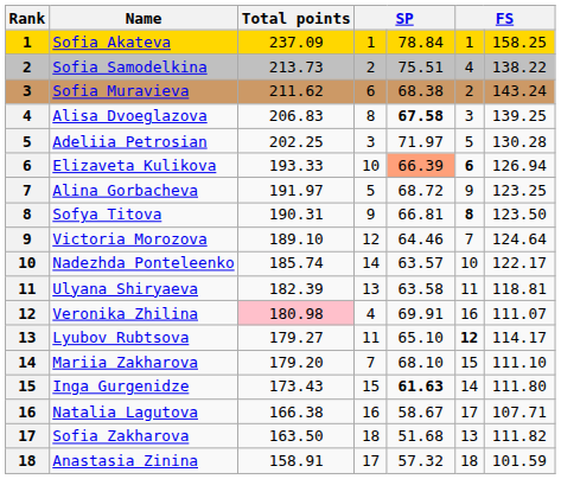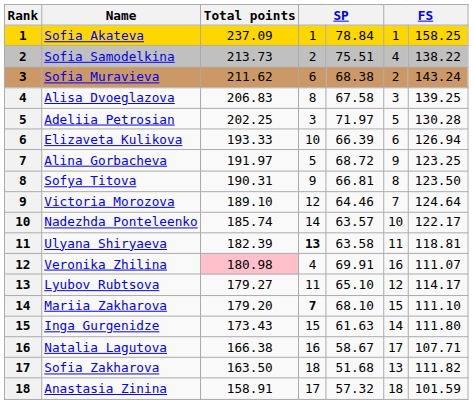 <table class="wikitable sortable">
 <tr>
 <th>Rank</th>
 <th>Name</th>
 <th>Total points</th>
 <th colspan="2" width="80px"><a href='#'>SP</a></th>
 <th colspan="2" width="80px"><a href='#'>FS</a></th>
 </tr>
 <tr bgcolor="gold">
 <td align="center"><strong>1</strong></td>
 <td><a href='#'>Sofia Akateva</a></td>
 <td align="center">237.09</td>
 <td align="center">1</td>
 <td align="center">78.84</td>
 <td align="center">1</td>
 <td align="center">158.25</td>
 </tr>
 <tr bgcolor="silver">
 <td align="center"><strong>2</strong></td>
 <td><a href='#'>Sofia Samodelkina</a></td>
 <td align="center">213.73</td>
 <td align="center">2</td>
 <td align="center">75.51</td>
 <td align="center">4</td>
 <td align="center">138.22</td>
 </tr>
 <tr bgcolor="cc9966">
 <td align="center"><strong>3</strong></td>
 <td><a href='#'>Sofia Muravieva</a></td>
 <td align="center">211.62</td>
 <td align="center">6</td>
 <td align="center">68.38</td>
 <td align="center">2</td>
 <td align="center">143.24</td>
 </tr>
 <tr>
 <th>4</th>
 <td><a href='#'>Alisa Dvoeglazova</a></td>
 <td align="center">206.83</td>
 <td align="center">8</td>
-<td align="center"><strong>67.58</strong></td>
+<td align="center">67.58</td>
 <td align="center">3</td>
 <td align="center">139.25</td>
 </tr>
 <tr>
 <th>5</th>
 <td><a href='#'>Adeliia Petrosian</a></td>
 <td align="center">202.25</td>
 <td align="center">3</td>
 <td align="center">71.97</td>
 <td align="center">5</td>
 <td align="center">130.28</td>
 </tr>
 <tr>
 <th>6</th>
 <td><a href='#'>Elizaveta Kulikova</a></td>
 <td align="center">193.33</td>
 <td align="center">10</td>
-<td align="center" style="background: lightsalmon;">66.39</td>
-<td align="center"><strong>6</strong></td>
+<td align="center">66.39</td>
+<td align="center">6</td>
 <td align="center">126.94</td>
 </tr>
 <tr>
 <th>7</th>
 <td><a href='#'>Alina Gorbacheva</a></td>
 <td align="center">191.97</td>
 <td align="center">5</td>
 <td align="center">68.72</td>
 <td align="center">9</td>
 <td align="center">123.25</td>
 </tr>
 <tr>
 <th>8</th>
 <td><a href='#'>Sofya Titova</a></td>
 <td align="center">190.31</td>
 <td align="center">9</td>
 <td align="center">66.81</td>
-<td align="center"><strong>8</strong></td>
+<td align="center">8</td>
 <td align="center">123.50</td>
 </tr>
 <tr>
 <th>9</th>
 <td><a href='#'>Victoria Morozova</a></td>
 <td align="center">189.10</td>
 <td align="center">12</td>
 <td align="center">64.46</td>
 <td align="center">7</td>
 <td align="center">124.64</td>
 </tr>
 <tr>
 <th>10</th>
 <td><a href='#'>Nadezhda Ponteleenko</a></td>
 <td align="center">185.74</td>
 <td align="center">14</td>
 <td align="center">63.57</td>
 <td align="center">10</td>
 <td align="center">122.17</td>
 </tr>
 <tr>
 <th>11</th>
 <td><a href='#'>Ulyana Shiryaeva</a></td>
 <td align="center">182.39</td>
-<td align="center">13</td>
+<td align="center"><strong>13</strong></td>
 <td align="center">63.58</td>
 <td align="center">11</td>
 <td align="center">118.81</td>
 </tr>
 <tr>
 <th>12</th>
 <td><a href='#'>Veronika Zhilina</a></td>
 <td align="center" style="background: pink;">180.98</td>
 <td align="center">4</td>
 <td align="center">69.91</td>
 <td align="center">16</td>
 <td align="center">111.07</td>
 </tr>
 <tr>
 <th>13</th>
 <td><a href='#'>Lyubov Rubtsova</a></td>
 <td align="center">179.27</td>
 <td align="center">11</td>
 <td align="center">65.10</td>
-<td align="center"><strong>12</strong></td>
+<td align="center">12</td>
 <td align="center">114.17</td>
 </tr>
 <tr>
 <th>14</th>
 <td><a href='#'>Mariia Zakharova</a></td>
 <td align="center">179.20</td>
-<td align="center">7</td>
+<td align="center"><strong>7</strong></td>
 <td align="center">68.10</td>
 <td align="center">15</td>
 <td align="center">111.10</td>
 </tr>
 <tr>
 <th>15</th>
 <td><a href='#'>Inga Gurgenidze</a></td>
 <td align="center">173.43</td>
 <td align="center">15</td>
-<td align="center"><strong>61.63</strong></td>
+<td align="center">61.63</td>
 <td align="center">14</td>
 <td align="center">111.80</td>
 </tr>
 <tr>
 <th>16</th>
 <td><a href='#'>Natalia Lagutova</a></td>
 <td align="center">166.38</td>
 <td align="center">16</td>
 <td align="center">58.67</td>
 <td align="center">17</td>
 <td align="center">107.71</td>
 </tr>
 <tr>
 <th>17</th>
 <td><a href='#'>Sofia Zakharova</a></td>
 <td align="center">163.50</td>
 <td align="center">18</td>
 <td align="center">51.68</td>
 <td align="center">13</td>
 <td align="center">111.82</td>
 </tr>
 <tr>
 <th>18</th>
 <td><a href='#'>Anastasia Zinina</a></td>
 <td align="center">158.91</td>
 <td align="center">17</td>
 <td align="center">57.32</td>
 <td align="center">18</td>
 <td align="center">101.59</td>
 </tr>
 </table>
